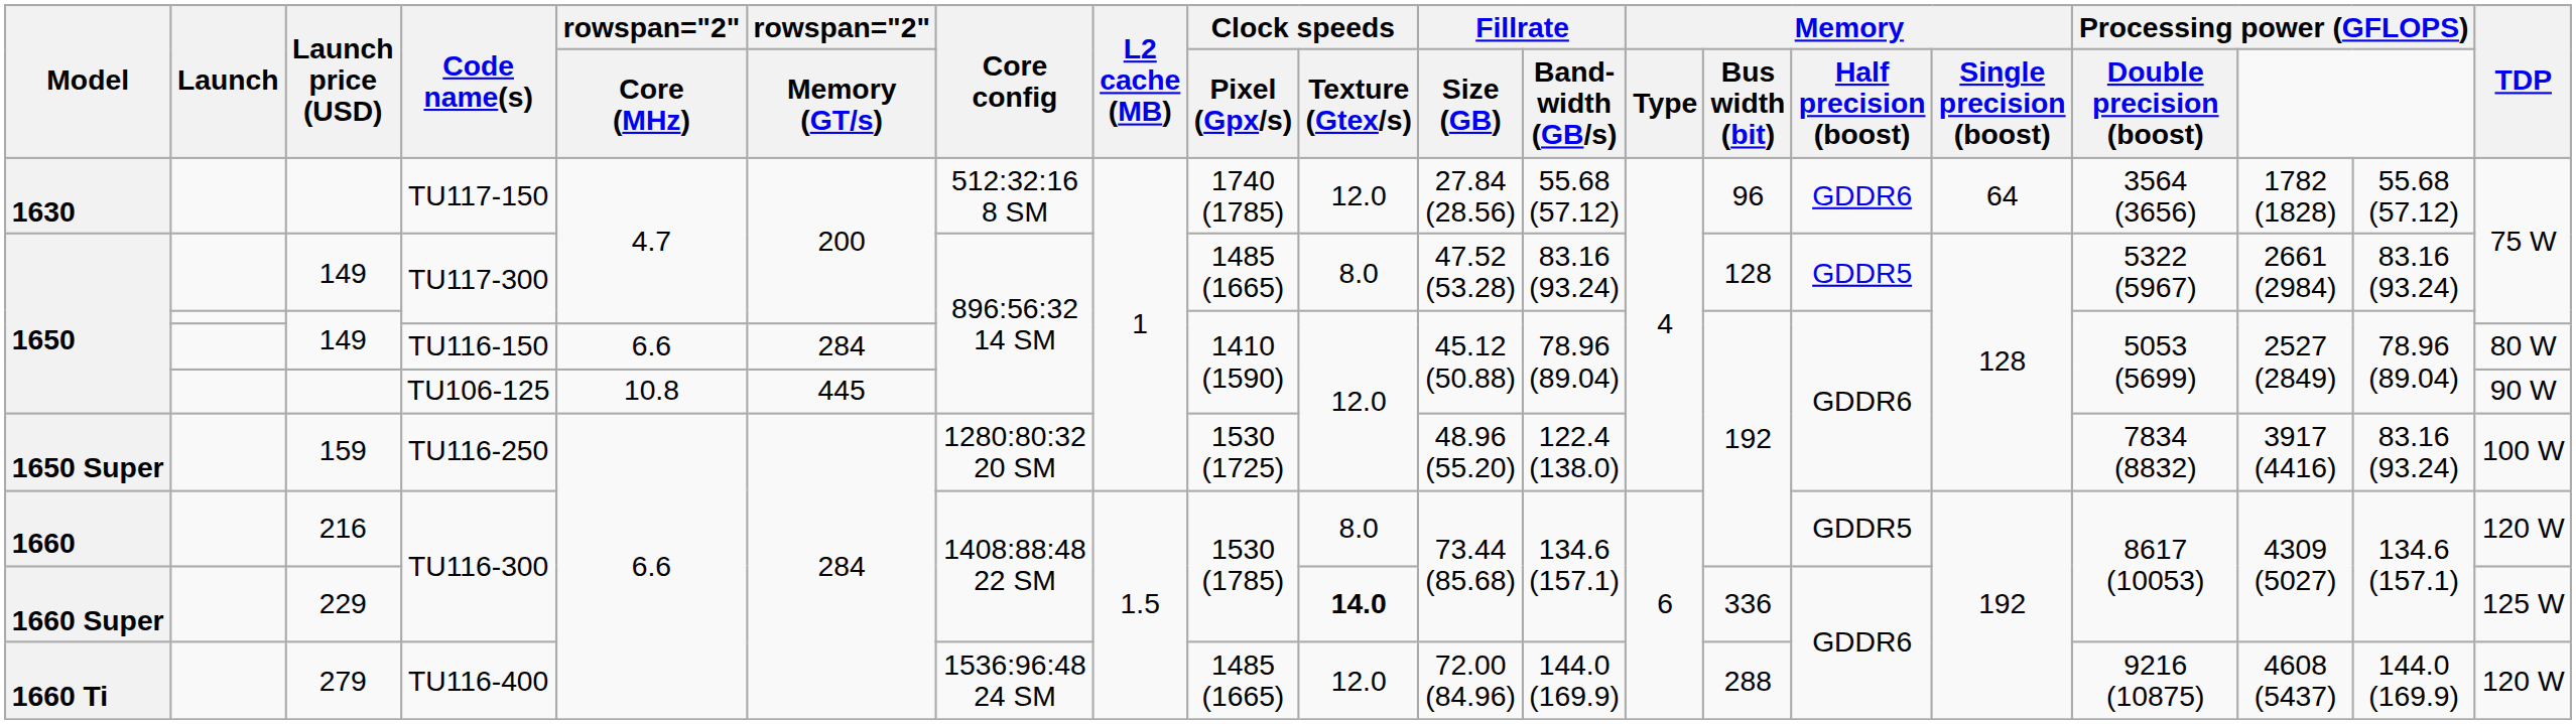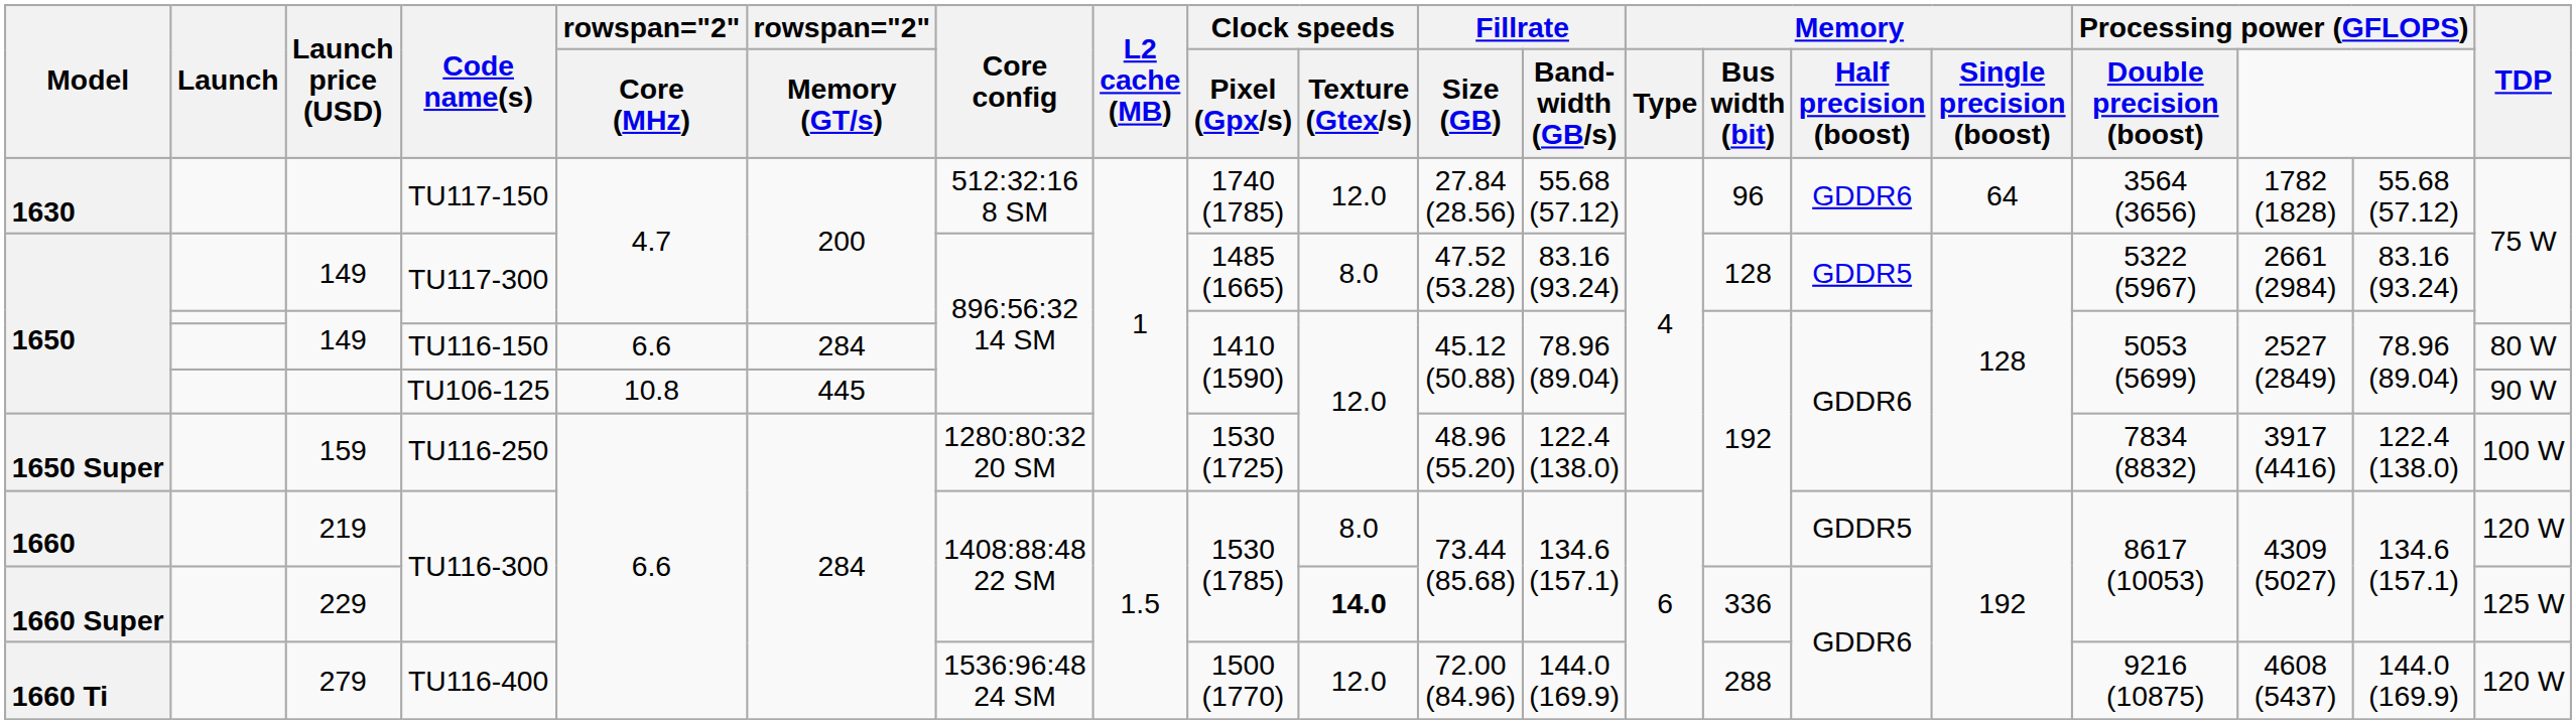 <table class="wikitable sortable sort-under mw-datatable" style="font-size: 85%; text-align: center;">
 <tr>
 <th rowspan="2">Model</th>
 <th rowspan="2">Launch</th>
 <th rowspan="2">Launch<br>price<br>(USD)</th>
 <th rowspan="2"><a href='#'>Code<br>name</a>(s)</th>
 <th>rowspan="2" </th>
 <th>rowspan="2" </th>
 <th rowspan="2">Core<br>config</th>
 <th rowspan="2"><a href='#'>L2<br>cache</a><br>(<a href='#'>MB</a>)</th>
 <th colspan="2">Clock speeds</th>
 <th colspan="2"><a href='#'>Fillrate</a></th>
 <th colspan="4"><a href='#'>Memory</a></th>
 <th colspan="3">Processing power (<a href='#'>GFLOPS</a>)</th>
 <th rowspan="2"><a href='#'>TDP</a></th>
 </tr>
 <tr>
 <th>Core<br>(<a href='#'>MHz</a>)</th>
 <th>Memory<br>(<a href='#'>GT/s</a>)</th>
 <th>Pixel<br>(<a href='#'>Gpx</a>/s)</th>
 <th>Texture<br>(<a href='#'>Gtex</a>/s)</th>
 <th>Size<br>(<a href='#'>GB</a>)</th>
 <th>Band-<br>width<br>(<a href='#'>GB</a>/s)</th>
 <th>Type</th>
 <th>Bus<br>width<br>(<a href='#'>bit</a>)</th>
 <th><a href='#'>Half<br>precision</a><br>(boost)</th>
 <th><a href='#'>Single<br>precision</a><br>(boost)</th>
 <th><a href='#'>Double<br>precision</a><br>(boost)</th>
 </tr>
 <tr>
 <th style="text-align:left;"><br>1630</th>
 <td></td>
 <td></td>
 <td>TU117-150</td>
 <td rowspan="3">4.7</td>
 <td rowspan="3">200</td>
 <td>512:32:16<br>8 SM</td>
 <td rowspan="6">1</td>
 <td>1740<br>(1785)</td>
 <td>12.0</td>
 <td>27.84<br>(28.56)</td>
 <td>55.68<br>(57.12)</td>
 <td rowspan="6">4</td>
 <td>96</td>
 <td><a href='#'>GDDR6</a></td>
 <td>64</td>
 <td>3564<br>(3656)</td>
 <td>1782<br>(1828)</td>
 <td>55.68<br>(57.12)</td>
 <td rowspan="3">75 W</td>
 </tr>
 <tr>
 <th rowspan="4" style="text-align:left;"><br>1650</th>
 <td></td>
 <td>149</td>
 <td rowspan="2">TU117-300</td>
 <td rowspan="4">896:56:32<br>14 SM</td>
 <td>1485<br>(1665)</td>
 <td>8.0</td>
 <td>47.52<br>(53.28)</td>
 <td>83.16<br>(93.24)</td>
 <td>128</td>
 <td><a href='#'>GDDR5</a></td>
 <td rowspan="5">128</td>
 <td>5322<br>(5967)</td>
 <td>2661<br>(2984)</td>
 <td>83.16<br>(93.24)</td>
 </tr>
 <tr>
 <td></td>
 <td rowspan="2">149</td>
 <td rowspan="3">1410<br>(1590)</td>
 <td rowspan="4">12.0</td>
 <td rowspan="3">45.12<br>(50.88)</td>
 <td rowspan="3">78.96<br>(89.04)</td>
 <td rowspan="5">192</td>
 <td rowspan="4">GDDR6</td>
 <td rowspan="3">5053<br>(5699)</td>
 <td rowspan="3">2527<br>(2849)</td>
 <td rowspan="3">78.96<br>(89.04)</td>
 </tr>
 <tr>
 <td></td>
 <td>TU116-150</td>
 <td>6.6</td>
 <td>284</td>
 <td>80 W</td>
 </tr>
 <tr>
 <td></td>
 <td></td>
 <td>TU106-125</td>
 <td>10.8</td>
 <td>445</td>
 <td>90 W</td>
 </tr>
 <tr>
 <th style="text-align:left;"><br>1650 Super</th>
 <td></td>
 <td>159</td>
 <td>TU116-250</td>
 <td rowspan="4">6.6</td>
 <td rowspan="4">284</td>
 <td>1280:80:32<br>20 SM</td>
 <td>1530<br>(1725)</td>
 <td>48.96<br>(55.20)</td>
 <td>122.4<br>(138.0)</td>
 <td>7834<br>(8832)</td>
 <td>3917<br>(4416)</td>
-<td>83.16<br>(93.24)</td>
+<td>122.4<br>(138.0)</td>
 <td>100 W</td>
 </tr>
 <tr>
 <th style="text-align:left;"><br>1660</th>
 <td></td>
-<td>216</td>
+<td>219</td>
 <td rowspan="2">TU116-300</td>
 <td rowspan="2">1408:88:48<br>22 SM</td>
 <td rowspan="3">1.5</td>
 <td rowspan="2">1530<br>(1785)</td>
 <td>8.0</td>
 <td rowspan="2">73.44<br>(85.68)</td>
 <td rowspan="2">134.6<br>(157.1)</td>
 <td rowspan="3">6</td>
 <td>GDDR5</td>
 <td rowspan="3">192</td>
 <td rowspan="2">8617<br>(10053)</td>
 <td rowspan="2">4309<br>(5027)</td>
 <td rowspan="2">134.6<br>(157.1)</td>
 <td>120 W</td>
 </tr>
 <tr>
 <th style="text-align:left;"><br>1660 Super</th>
 <td></td>
 <td>229</td>
 <td><strong>14.0</strong></td>
 <td>336</td>
 <td rowspan="2">GDDR6</td>
 <td>125 W</td>
 </tr>
 <tr>
 <th style="text-align:left;"><br>1660 Ti</th>
 <td></td>
 <td>279</td>
 <td>TU116-400</td>
 <td>1536:96:48<br>24 SM</td>
-<td>1485<br>(1665)</td>
+<td>1500<br>(1770)</td>
 <td>12.0</td>
 <td>72.00<br>(84.96)</td>
 <td>144.0<br>(169.9)</td>
 <td>288</td>
 <td>9216<br>(10875)</td>
 <td>4608<br>(5437)</td>
 <td>144.0<br>(169.9)</td>
 <td>120 W</td>
 </tr>
 </table>
